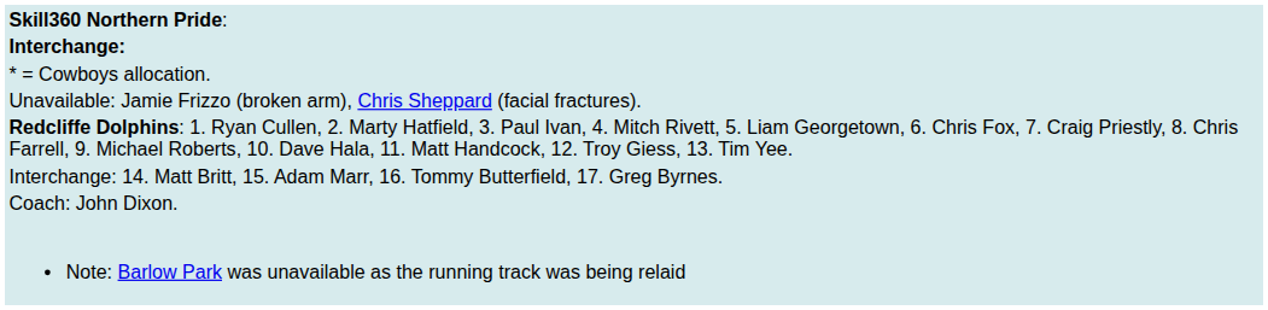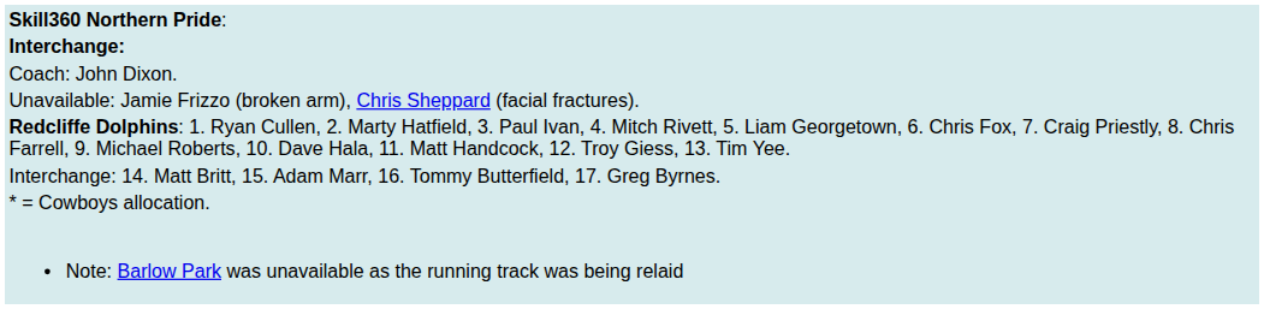 <table style="background:#d7ebed; font-size:85%; width:100%;">
 <tr>
 <td><strong>Skill360 Northern Pride</strong>:             </td>
 </tr>
 <tr>
 <td><strong>Interchange:    </strong></td>
 </tr>
 <tr>
-<td>* = Cowboys allocation.</td>
+<td>Coach: John Dixon.</td>
 </tr>
 <tr>
 <td>Unavailable: Jamie Frizzo (broken arm), <a href='#'>Chris Sheppard</a> (facial fractures).</td>
 </tr>
 <tr>
 <td><strong>Redcliffe Dolphins</strong>: 1. Ryan Cullen, 2. Marty Hatfield, 3. Paul Ivan, 4. Mitch Rivett, 5. Liam Georgetown, 6. Chris Fox, 7. Craig Priestly, 8. Chris Farrell, 9. Michael Roberts, 10. Dave Hala, 11. Matt Handcock, 12. Troy Giess, 13. Tim Yee.</td>
 </tr>
 <tr>
 <td>Interchange: 14. Matt Britt, 15. Adam Marr, 16. Tommy Butterfield, 17. Greg Byrnes.</td>
 </tr>
 <tr>
-<td>Coach: John Dixon.</td>
+<td>* = Cowboys allocation.</td>
 </tr>
 <tr>
 <td><br><ul><li>Note: <a href='#'>Barlow Park</a> was unavailable as the running track was being relaid</li></ul></td>
 </tr>
 </table>
